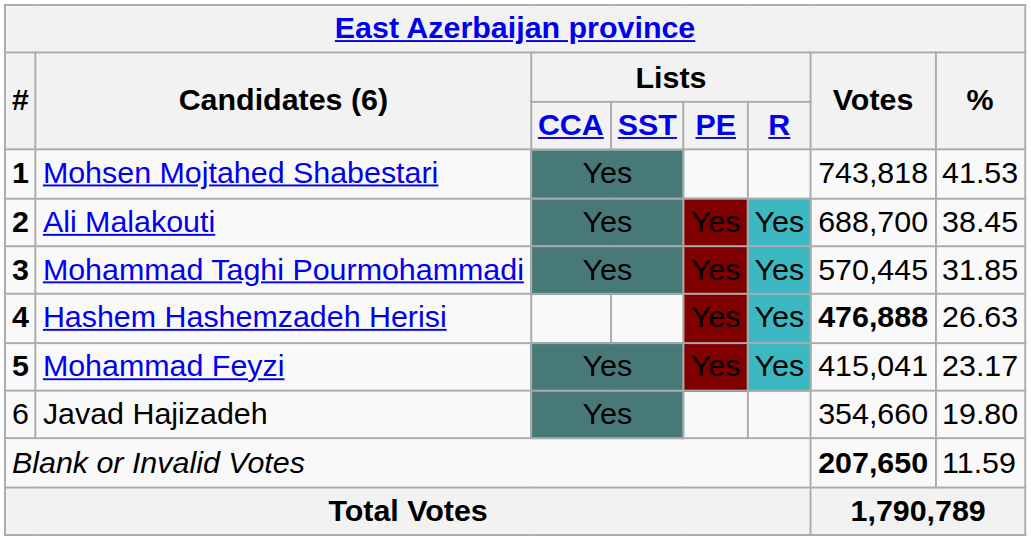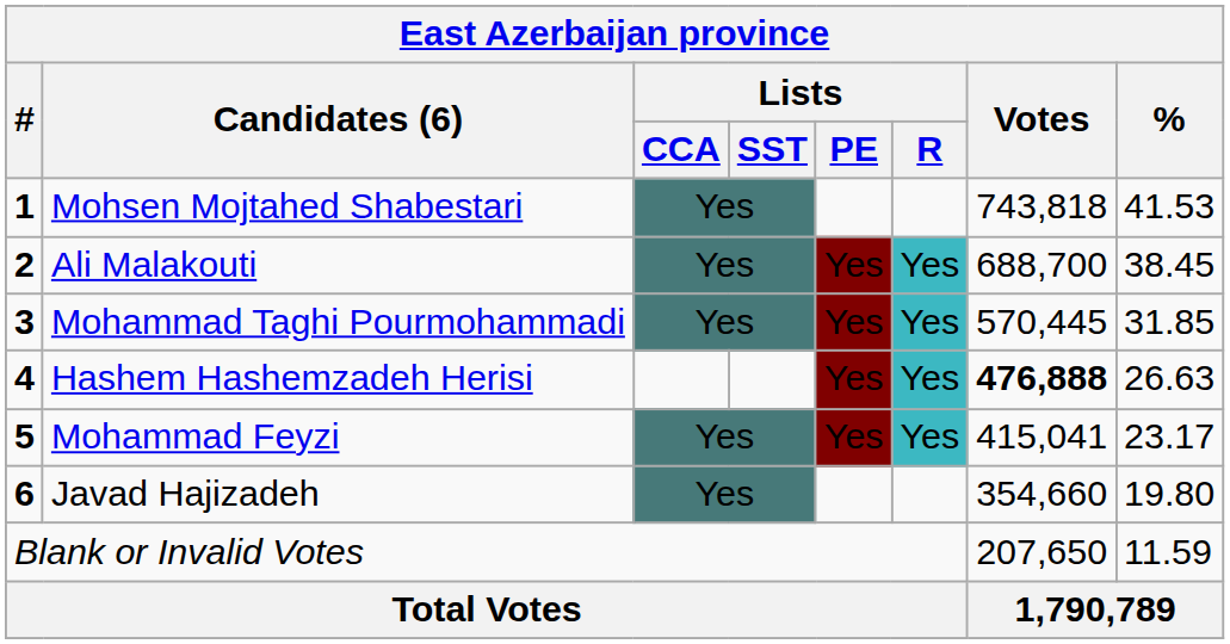 <table class=wikitable style=text-align:left>
 <tr>
 <th colspan="8" align=center><a href='#'>East Azerbaijan province</a></th>
 </tr>
 <tr>
 <th rowspan="2">#</th>
 <th rowspan="2">Candidates (6)</th>
 <th colspan="4">Lists</th>
 <th rowspan="2">Votes</th>
 <th rowspan="2">%</th>
 </tr>
 <tr>
 <th><a href='#'>CCA</a></th>
 <th><a href='#'>SST</a></th>
 <th><a href='#'>PE</a></th>
 <th><a href='#'>R</a></th>
 </tr>
 <tr>
 <td><strong>1</strong></td>
 <td><a href='#'>Mohsen Mojtahed Shabestari</a></td>
 <td colspan="2" align=center style="background:#477979;"><span>Yes</span></td>
 <td></td>
 <td></td>
 <td>743,818</td>
 <td>41.53</td>
 </tr>
 <tr>
 <td><strong>2</strong></td>
 <td><a href='#'>Ali Malakouti</a></td>
 <td colspan="2" align=center style="background:#477979;"><span>Yes</span></td>
 <td style="background:#800000;"><span>Yes</span></td>
 <td style="background:#3cb8c2;"><span>Yes</span></td>
 <td>688,700</td>
 <td>38.45</td>
 </tr>
 <tr>
 <td><strong>3</strong></td>
 <td><a href='#'>Mohammad Taghi Pourmohammadi</a></td>
 <td colspan="2" align=center style="background:#477979;"><span>Yes</span></td>
 <td style="background:#800000;"><span>Yes</span></td>
 <td style="background:#3cb8c2;"><span>Yes</span></td>
 <td>570,445</td>
 <td>31.85</td>
 </tr>
 <tr>
 <td><strong>4</strong></td>
 <td><a href='#'>Hashem Hashemzadeh Herisi</a></td>
 <td></td>
 <td></td>
 <td style="background:#800000;"><span>Yes</span></td>
 <td style="background:#3cb8c2;"><span>Yes</span></td>
 <td><strong>476,888</strong></td>
 <td>26.63</td>
 </tr>
 <tr>
 <td><strong>5</strong></td>
 <td><a href='#'>Mohammad Feyzi</a></td>
 <td colspan="2" align=center style="background:#477979;"><span>Yes</span></td>
 <td style="background:#800000;"><span>Yes</span></td>
 <td style="background:#3cb8c2;"><span>Yes</span></td>
 <td>415,041</td>
 <td>23.17</td>
 </tr>
 <tr>
-<td>6</td>
+<td><strong>6</strong></td>
 <td>Javad Hajizadeh</td>
 <td colspan="2" align=center style="background:#477979;"><span>Yes</span></td>
 <td></td>
 <td></td>
 <td>354,660</td>
 <td>19.80</td>
 </tr>
 <tr>
 <td colspan="6"><em>Blank or Invalid Votes</em></td>
-<td><strong>207,650</strong></td>
+<td>207,650</td>
 <td>11.59</td>
 </tr>
 <tr>
 <th colspan="6">Total Votes</th>
 <th colspan="2">1,790,789</th>
 </tr>
 </table>
